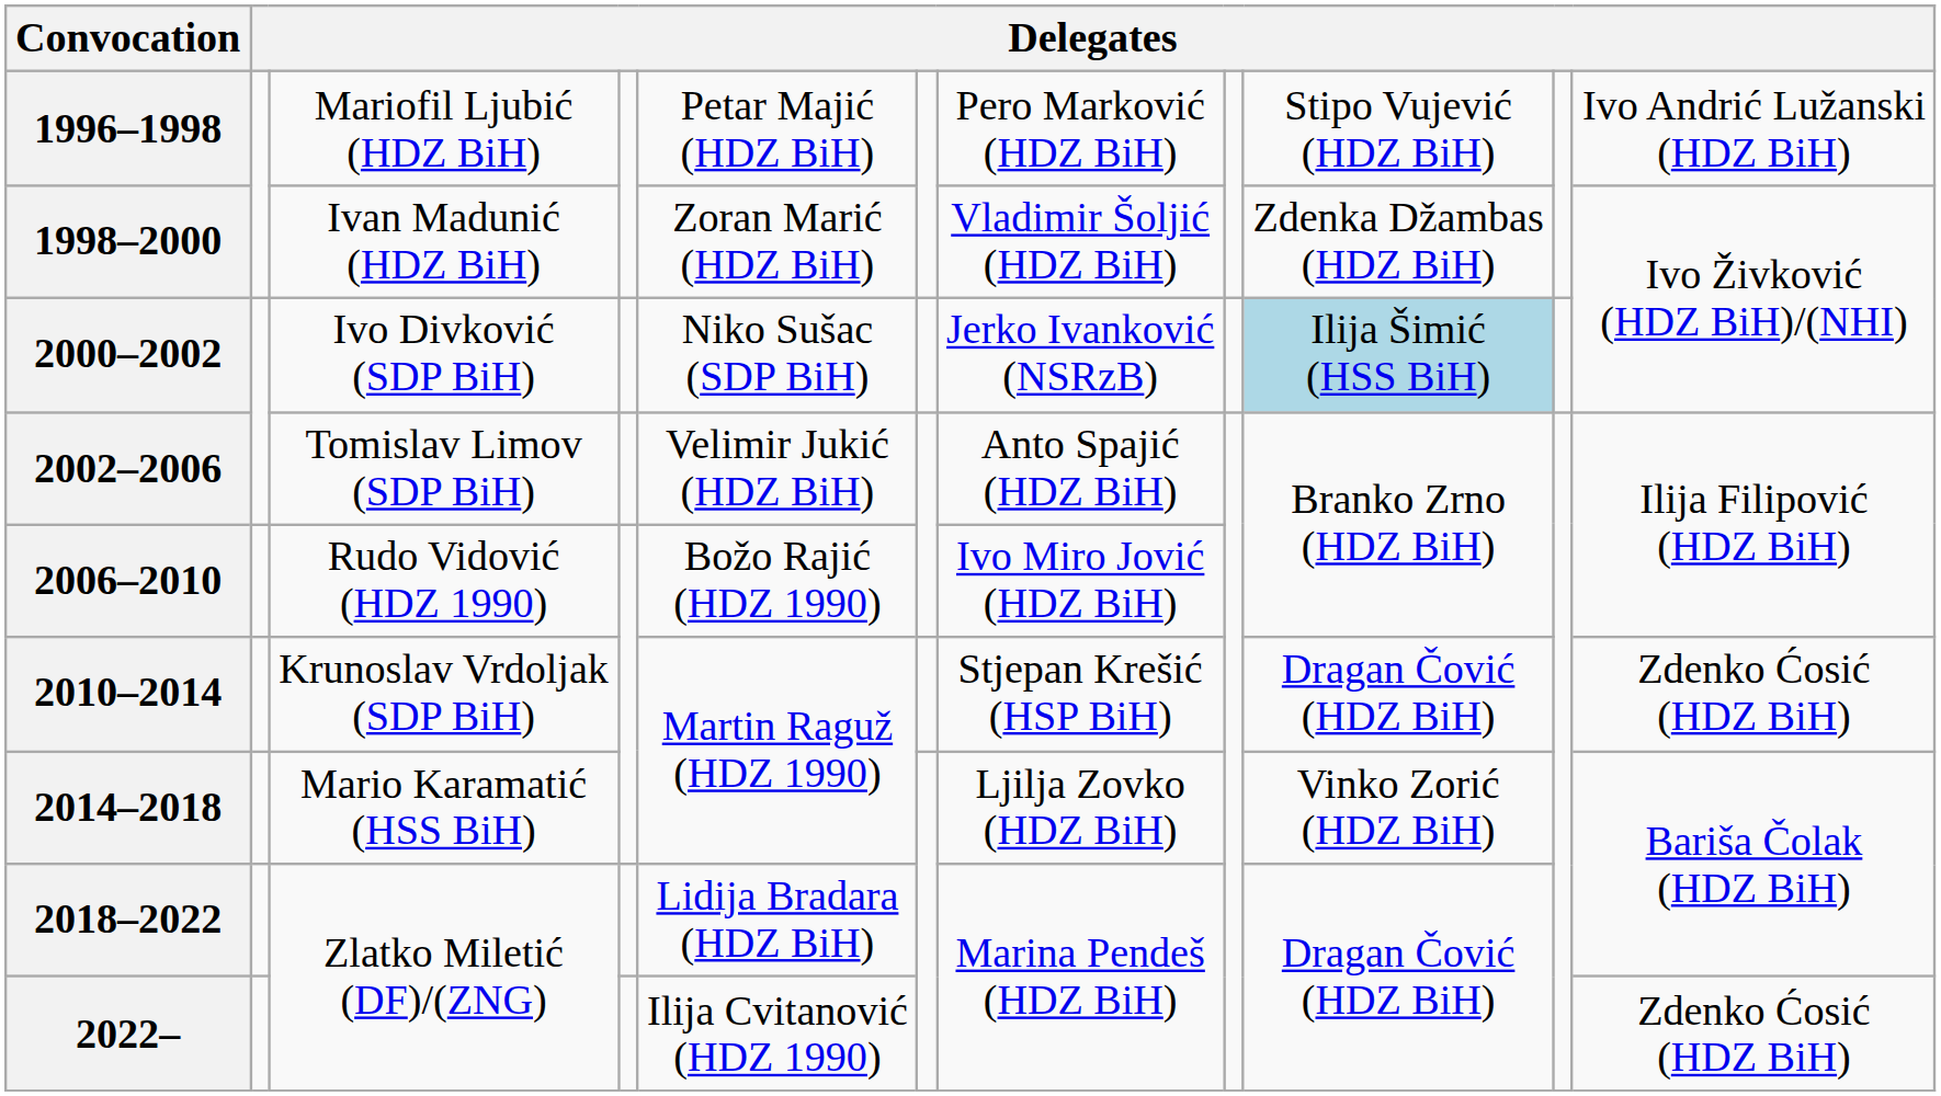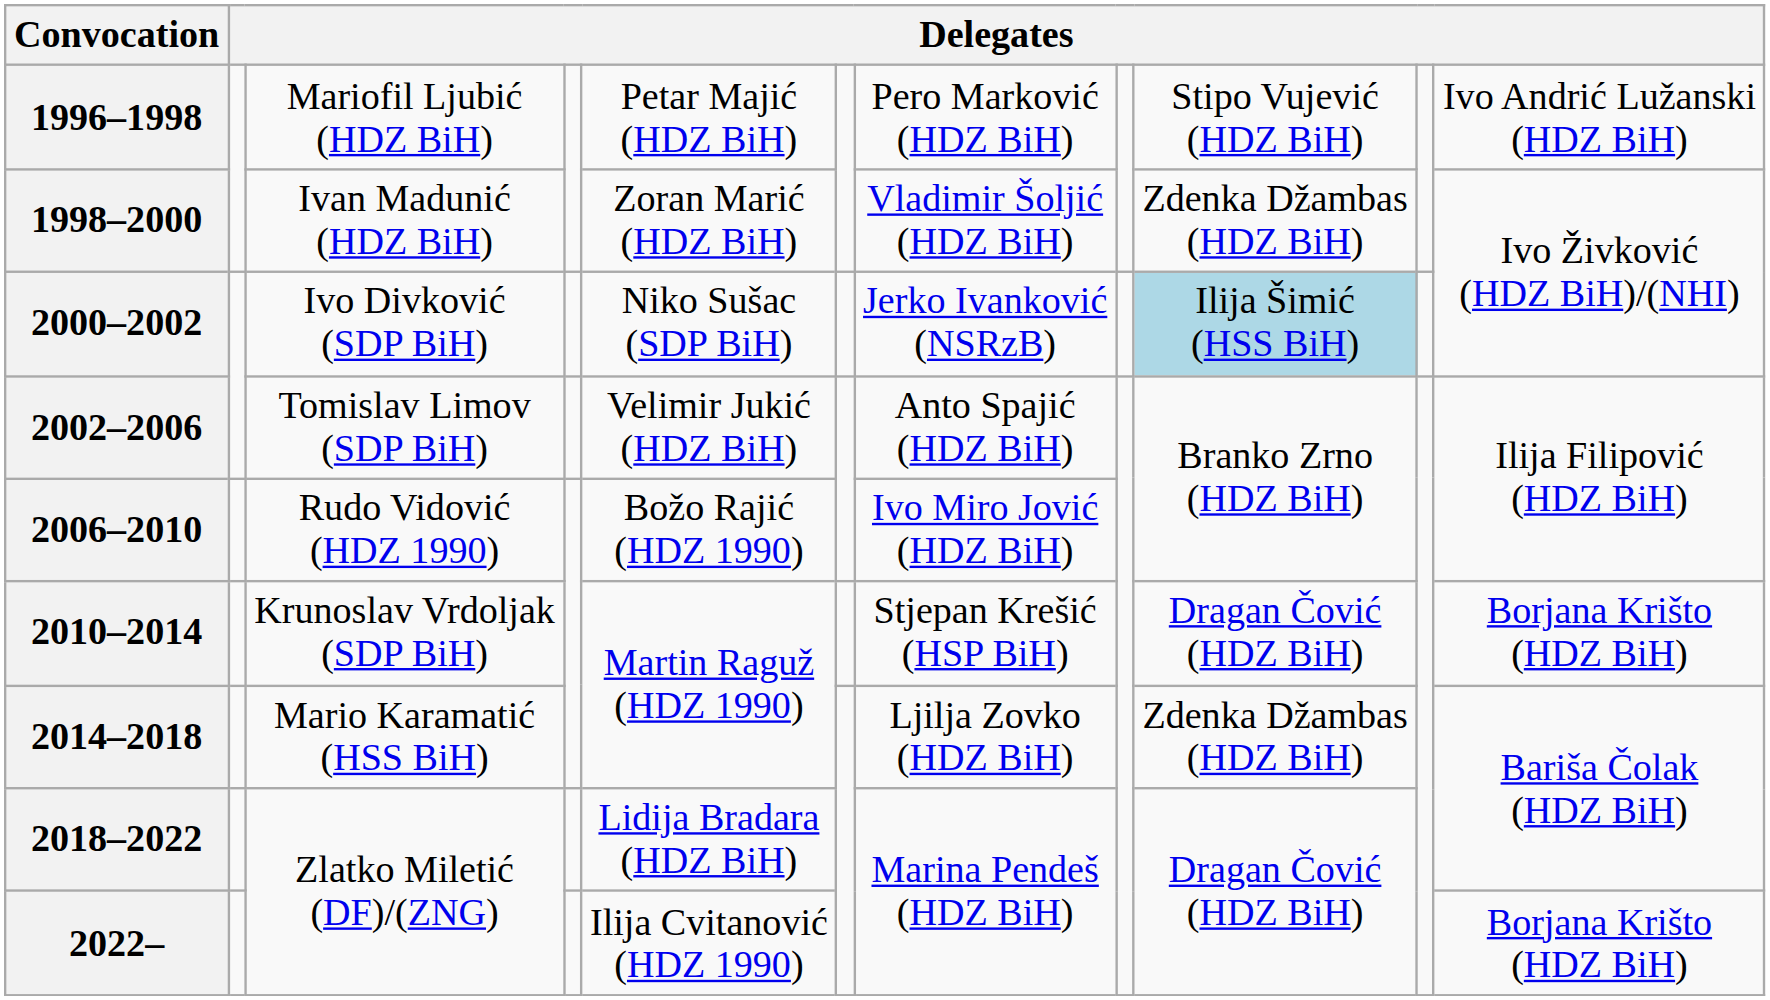 <table class="wikitable" style="text-align:center">
 <tr>
 <th>Convocation</th>
 <th colspan=10>Delegates</th>
 </tr>
 <tr>
 <th>1996–1998</th>
 <td rowspan=2; style="background-color: "></td>
 <td>Mariofil Ljubić<br>(<a href='#'>HDZ BiH</a>)</td>
 <td rowspan=2; style="background-color: "></td>
 <td>Petar Majić<br>(<a href='#'>HDZ BiH</a>)</td>
 <td rowspan=2; style="background-color: "></td>
 <td>Pero Marković<br>(<a href='#'>HDZ BiH</a>)</td>
 <td rowspan=2; style="background-color: "></td>
 <td>Stipo Vujević<br>(<a href='#'>HDZ BiH</a>)</td>
 <td rowspan=2; style="background-color: "></td>
 <td>Ivo Andrić Lužanski<br>(<a href='#'>HDZ BiH</a>)</td>
 </tr>
 <tr>
 <th>1998–2000</th>
 <td>Ivan Madunić<br>(<a href='#'>HDZ BiH</a>)</td>
 <td>Zoran Marić<br>(<a href='#'>HDZ BiH</a>)</td>
 <td><a href='#'>Vladimir Šoljić</a><br>(<a href='#'>HDZ BiH</a>)</td>
 <td>Zdenka Džambas<br>(<a href='#'>HDZ BiH</a>)</td>
 <td rowspan=2>Ivo Živković<br>(<a href='#'>HDZ BiH</a>)/(<a href='#'>NHI</a>)</td>
 </tr>
 <tr>
 <th>2000–2002</th>
 <td rowspan=2; style="background-color: "></td>
 <td>Ivo Divković<br>(<a href='#'>SDP BiH</a>)</td>
 <td rowspan=1; style="background-color: "></td>
 <td>Niko Sušac<br>(<a href='#'>SDP BiH</a>)</td>
 <td rowspan=1; style="background-color: "></td>
 <td><a href='#'>Jerko Ivanković</a><br>(<a href='#'>NSRzB</a>)</td>
 <td rowspan=1; style="background-color: "></td>
 <td style="background: lightblue;">Ilija Šimić<br>(<a href='#'>HSS BiH</a>)</td>
 <td rowspan=1; style="background-color: "></td>
 </tr>
 <tr>
 <th>2002–2006</th>
 <td>Tomislav Limov<br>(<a href='#'>SDP BiH</a>)</td>
 <td rowspan=1; style="background-color: "></td>
 <td>Velimir Jukić<br>(<a href='#'>HDZ BiH</a>)</td>
 <td rowspan=2; style="background-color: "></td>
 <td>Anto Spajić<br>(<a href='#'>HDZ BiH</a>)</td>
 <td rowspan=6; style="background-color: "></td>
 <td rowspan=2>Branko Zrno<br>(<a href='#'>HDZ BiH</a>)</td>
 <td rowspan=6; style="background-color: "></td>
 <td rowspan=2>Ilija Filipović<br>(<a href='#'>HDZ BiH</a>)</td>
 </tr>
 <tr>
 <th>2006–2010</th>
 <td rowspan=1; style="background-color: "></td>
 <td>Rudo Vidović<br>(<a href='#'>HDZ 1990</a>)</td>
 <td rowspan=3; style="background-color: "></td>
 <td>Božo Rajić<br>(<a href='#'>HDZ 1990</a>)</td>
 <td><a href='#'>Ivo Miro Jović</a><br>(<a href='#'>HDZ BiH</a>)</td>
 </tr>
 <tr>
 <th>2010–2014</th>
 <td rowspan=1; style="background-color: "></td>
 <td>Krunoslav Vrdoljak<br>(<a href='#'>SDP BiH</a>)</td>
 <td rowspan=2><a href='#'>Martin Raguž</a><br>(<a href='#'>HDZ 1990</a>)</td>
 <td rowspan=1; style="background-color: "></td>
 <td>Stjepan Krešić<br>(<a href='#'>HSP BiH</a>)</td>
 <td><a href='#'>Dragan Čović</a><br>(<a href='#'>HDZ BiH</a>)</td>
-<td>Zdenko Ćosić<br>(<a href='#'>HDZ BiH</a>)</td>
+<td><a href='#'>Borjana Krišto</a><br>(<a href='#'>HDZ BiH</a>)</td>
 </tr>
 <tr>
 <th>2014–2018</th>
 <td rowspan=1; style="background-color: "></td>
 <td>Mario Karamatić<br>(<a href='#'>HSS BiH</a>)</td>
 <td rowspan=3; style="background-color: "></td>
 <td>Ljilja Zovko<br>(<a href='#'>HDZ BiH</a>)</td>
-<td>Vinko Zorić<br>(<a href='#'>HDZ BiH</a>)</td>
+<td>Zdenka Džambas<br>(<a href='#'>HDZ BiH</a>)</td>
 <td rowspan=2><a href='#'>Bariša Čolak</a><br>(<a href='#'>HDZ BiH</a>)</td>
 </tr>
 <tr>
 <th>2018–2022</th>
 <td rowspan=1; style="background-color: "></td>
 <td rowspan=2>Zlatko Miletić<br>(<a href='#'>DF</a>)/(<a href='#'>ZNG</a>)</td>
 <td rowspan=1; style="background-color: "></td>
 <td><a href='#'>Lidija Bradara</a><br>(<a href='#'>HDZ BiH</a>)</td>
 <td rowspan=2><a href='#'>Marina Pendeš</a><br>(<a href='#'>HDZ BiH</a>)</td>
 <td rowspan=2><a href='#'>Dragan Čović</a><br>(<a href='#'>HDZ BiH</a>)</td>
 </tr>
 <tr>
 <th>2022–</th>
 <td rowspan=1; style="background-color: "></td>
 <td rowspan=1; style="background-color: "></td>
 <td>Ilija Cvitanović<br>(<a href='#'>HDZ 1990</a>)</td>
-<td>Zdenko Ćosić<br>(<a href='#'>HDZ BiH</a>)</td>
+<td><a href='#'>Borjana Krišto</a><br>(<a href='#'>HDZ BiH</a>)</td>
 </tr>
 </table>
